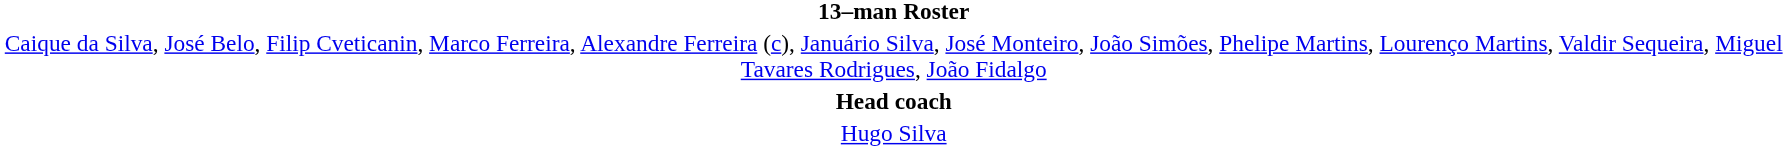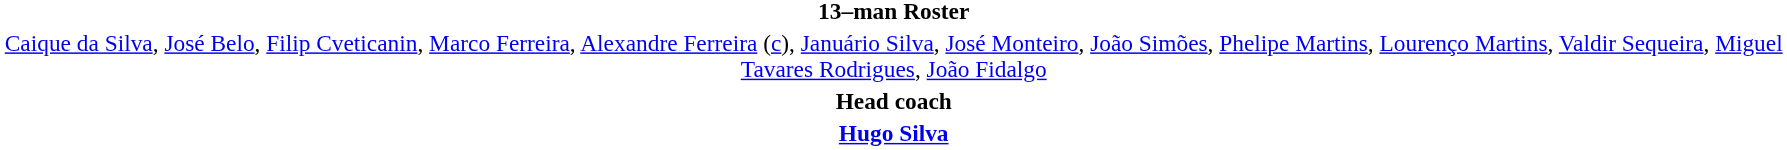 <table style="text-align:center; margin-top:2em; margin-left:auto; margin-right:auto">
 <tr>
 <td><strong>13–man Roster</strong></td>
 </tr>
 <tr>
 <td><a href='#'>Caique da Silva</a>, <a href='#'>José Belo</a>, <a href='#'>Filip Cveticanin</a>, <a href='#'>Marco Ferreira</a>, <a href='#'>Alexandre Ferreira</a> (<a href='#'>c</a>), <a href='#'>Januário Silva</a>, <a href='#'>José Monteiro</a>, <a href='#'>João Simões</a>, <a href='#'>Phelipe Martins</a>, <a href='#'>Lourenço Martins</a>, <a href='#'>Valdir Sequeira</a>, <a href='#'>Miguel Tavares Rodrigues</a>, <a href='#'>João Fidalgo</a></td>
 </tr>
 <tr>
 <td><strong>Head coach</strong></td>
 </tr>
 <tr>
-<td><a href='#'>Hugo Silva</a></td>
+<td><strong><a href='#'>Hugo Silva</a></strong></td>
 </tr>
 </table>
